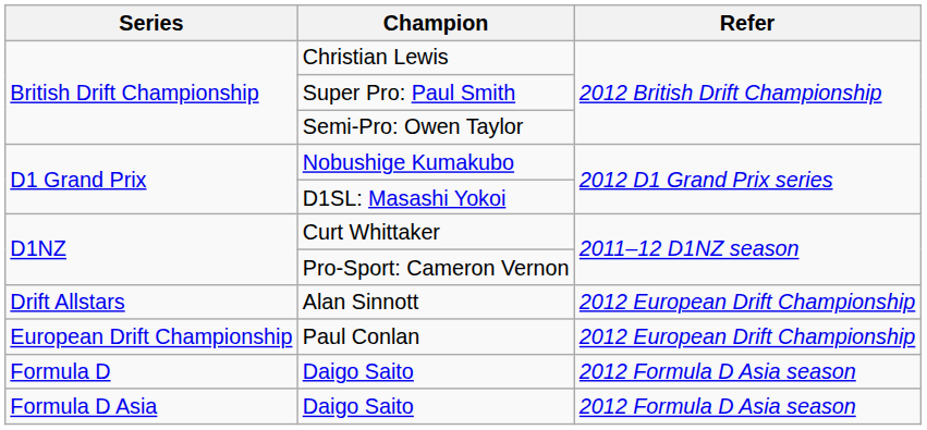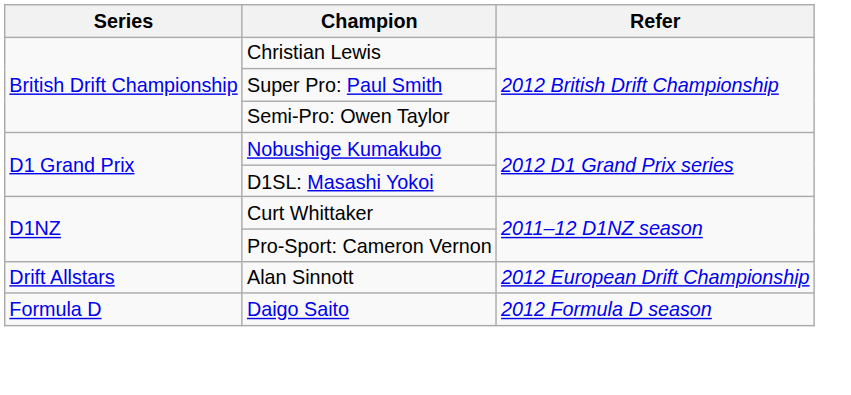 <table class="wikitable" style="font-size:87%;">
 <tr>
 <th>Series</th>
 <th>Champion</th>
 <th>Refer</th>
 </tr>
 <tr>
 <td rowspan=3><a href='#'>British Drift Championship</a></td>
 <td> Christian Lewis</td>
 <td rowspan=3><em><a href='#'>2012 British Drift Championship</a></em></td>
 </tr>
 <tr>
 <td>Super Pro:  <a href='#'>Paul Smith</a></td>
 </tr>
 <tr>
 <td>Semi-Pro:  Owen Taylor</td>
 </tr>
 <tr>
 <td rowspan=2><a href='#'>D1 Grand Prix</a></td>
 <td> <a href='#'>Nobushige Kumakubo</a></td>
 <td rowspan=2><em><a href='#'>2012 D1 Grand Prix series</a></em></td>
 </tr>
 <tr>
 <td>D1SL:  <a href='#'>Masashi Yokoi</a></td>
 </tr>
 <tr>
 <td rowspan=2><a href='#'>D1NZ</a></td>
 <td> Curt Whittaker</td>
 <td rowspan=2><em><a href='#'>2011–12 D1NZ season</a></em></td>
 </tr>
 <tr>
 <td>Pro-Sport:  Cameron Vernon</td>
 </tr>
 <tr>
 <td><a href='#'>Drift Allstars</a></td>
 <td> Alan Sinnott</td>
 <td><em><a href='#'>2012 European Drift Championship</a></em></td>
 </tr>
 <tr>
-<td><a href='#'>European Drift Championship</a></td>
-<td> Paul Conlan</td>
-<td><em><a href='#'>2012 European Drift Championship</a></em></td>
-</tr>
-<tr>
 <td><a href='#'>Formula D</a></td>
 <td> <a href='#'>Daigo Saito</a></td>
-<td><em><a href='#'>2012 Formula D Asia season</a></em></td>
-</tr>
-<tr>
-<td><a href='#'>Formula D Asia</a></td>
-<td> <a href='#'>Daigo Saito</a></td>
-<td><em><a href='#'>2012 Formula D Asia season</a></em></td>
+<td><em><a href='#'>2012 Formula D season</a></em></td>
 </tr>
 </table>
